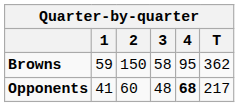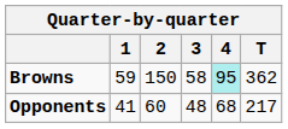 <table class="wikitable">
 <tr>
 <th colspan="7">Quarter-by-quarter</th>
 </tr>
 <tr>
 <th></th>
 <th>1</th>
 <th>2</th>
 <th>3</th>
 <th>4</th>
 <th>T</th>
 </tr>
 <tr>
 <td><strong>Browns</strong></td>
 <td>59</td>
 <td>150</td>
 <td>58</td>
-<td>95</td>
+<td style="background: paleturquoise;">95</td>
 <td>362</td>
 </tr>
 <tr>
 <td><strong>Opponents</strong></td>
 <td>41</td>
 <td>60</td>
 <td>48</td>
-<td><strong>68</strong></td>
+<td>68</td>
 <td>217</td>
 </tr>
 </table>
